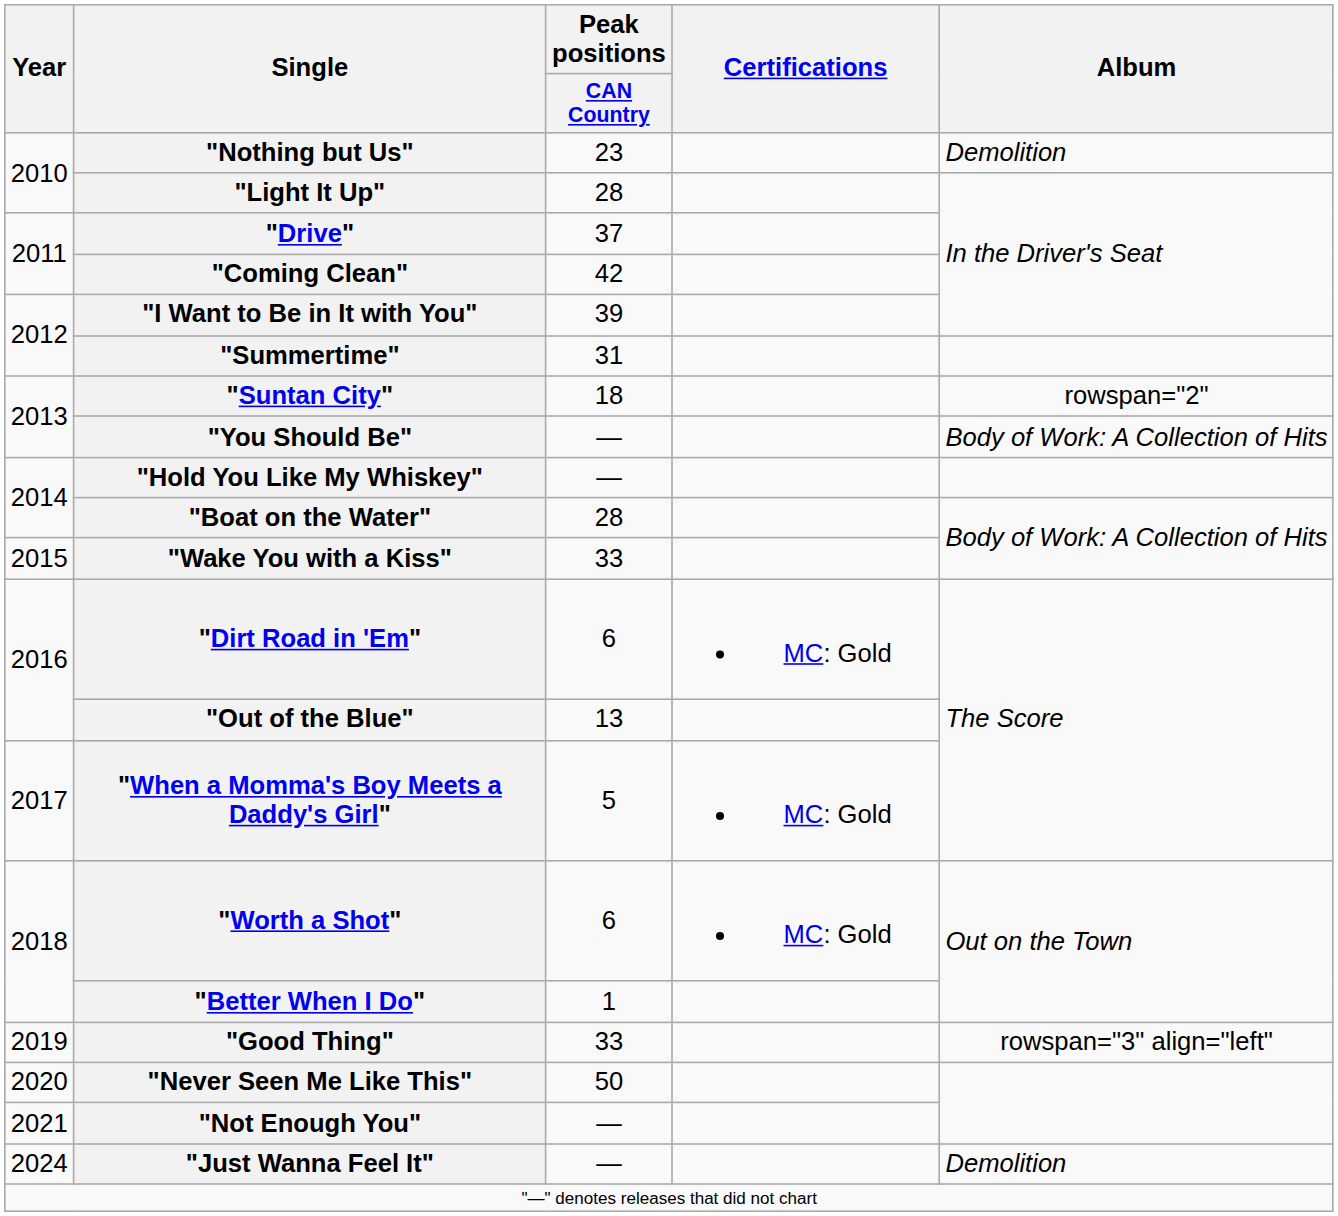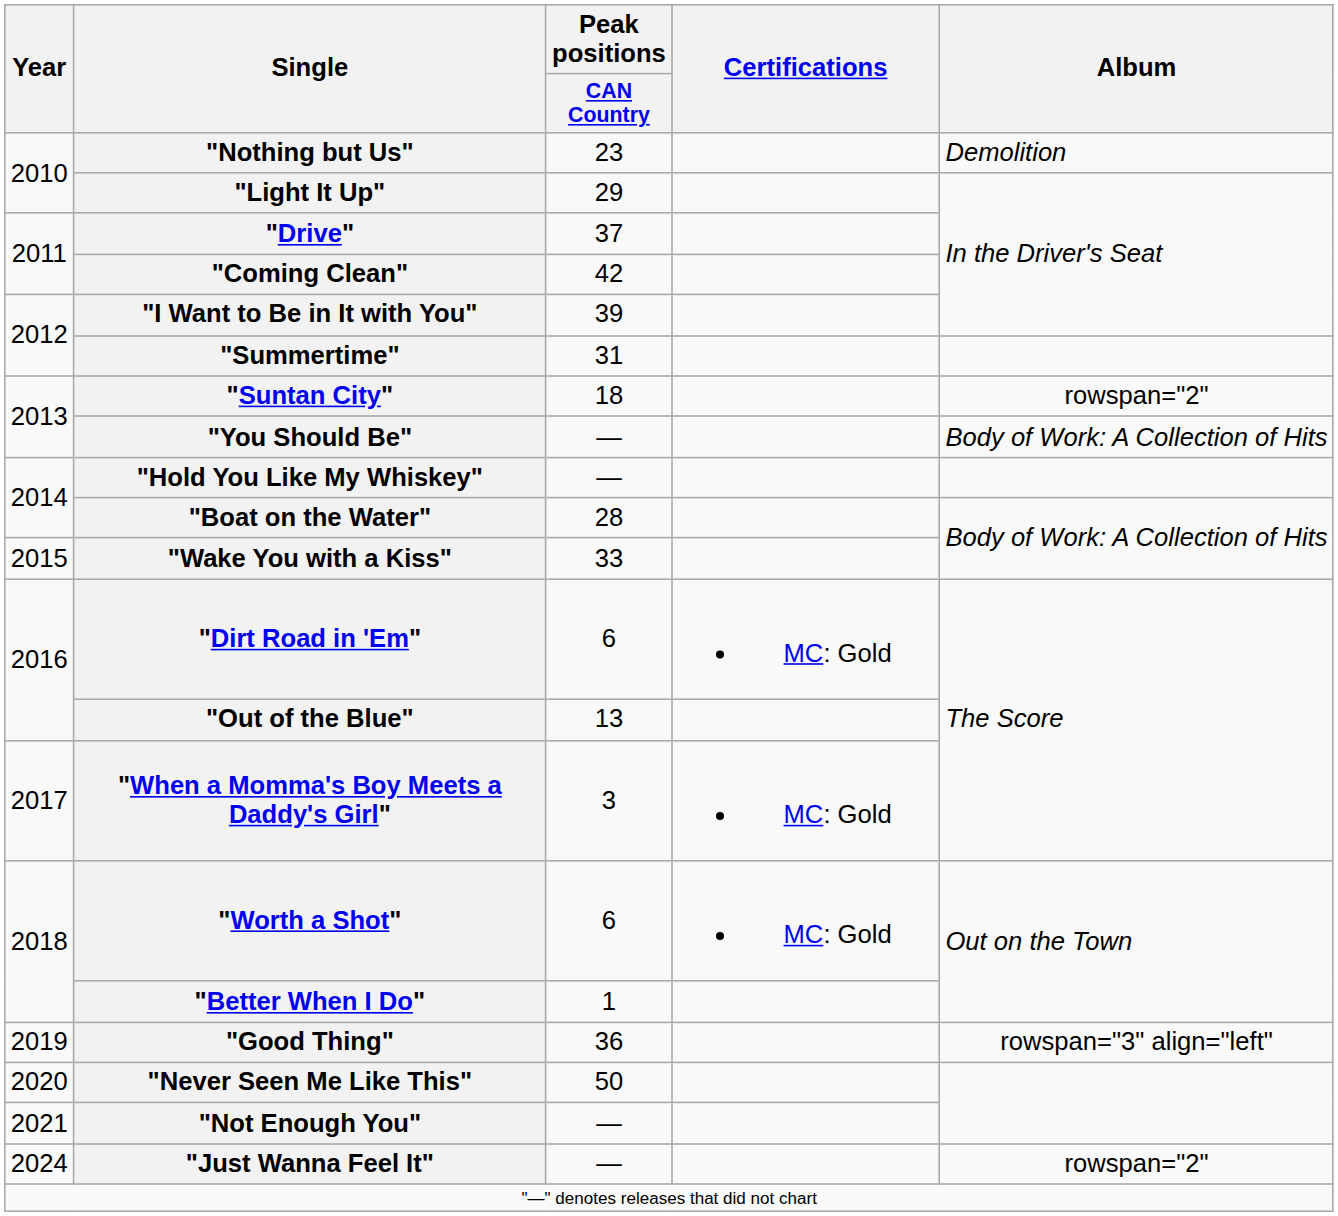 <table class="wikitable plainrowheaders" style="text-align:center;">
 <tr>
 <th rowspan="2">Year</th>
 <th rowspan="2" style="width:18em;">Single</th>
 <th>Peak positions</th>
 <th rowspan="2" style="width:10em;"><a href='#'>Certifications</a></th>
 <th rowspan="2">Album</th>
 </tr>
 <tr style="font-size:smaller;">
 <th style="width:3.5em;"><a href='#'>CAN Country</a><br></th>
 </tr>
 <tr>
 <td rowspan="2">2010</td>
 <th scope="row">"Nothing but Us"</th>
 <td>23</td>
 <td></td>
 <td align="left"><em>Demolition</em></td>
 </tr>
 <tr>
 <th scope="row">"Light It Up"</th>
-<td>28</td>
+<td>29</td>
 <td></td>
 <td align="left" rowspan="4"><em>In the Driver's Seat</em></td>
 </tr>
 <tr>
 <td rowspan="2">2011</td>
 <th scope="row">"<a href='#'>Drive</a>"</th>
 <td>37</td>
 <td></td>
 </tr>
 <tr>
 <th scope="row">"Coming Clean"</th>
 <td>42</td>
 <td></td>
 </tr>
 <tr>
 <td rowspan="2">2012</td>
 <th scope="row">"I Want to Be in It with You"</th>
 <td>39</td>
 <td></td>
 </tr>
 <tr>
 <th scope="row">"Summertime"</th>
 <td>31</td>
 <td></td>
 <td></td>
 </tr>
 <tr>
 <td rowspan="2">2013</td>
 <th scope="row">"<a href='#'>Suntan City</a>"</th>
 <td>18</td>
 <td></td>
 <td>rowspan="2" </td>
 </tr>
 <tr>
 <th scope="row">"You Should Be"</th>
 <td>—</td>
 <td></td>
 <td align="left"><em>Body of Work: A Collection of Hits</em></td>
 </tr>
 <tr>
 <td rowspan="2">2014</td>
 <th scope="row">"Hold You Like My Whiskey"</th>
 <td>—</td>
 <td></td>
 </tr>
 <tr>
 <th scope="row">"Boat on the Water"</th>
 <td>28</td>
 <td></td>
 <td align="left" rowspan="2"><em>Body of Work: A Collection of Hits</em></td>
 </tr>
 <tr>
 <td>2015</td>
 <th scope="row">"Wake You with a Kiss"</th>
 <td>33</td>
 <td></td>
 </tr>
 <tr>
 <td rowspan="2">2016</td>
 <th scope="row">"<a href='#'>Dirt Road in 'Em</a>"</th>
 <td>6</td>
 <td><br><ul><li><a href='#'>MC</a>: Gold</li></ul></td>
 <td align="left" rowspan="3"><em>The Score</em></td>
 </tr>
 <tr>
 <th scope="row">"Out of the Blue"</th>
 <td>13</td>
 <td></td>
 </tr>
 <tr>
 <td>2017</td>
 <th scope="row">"<a href='#'>When a Momma's Boy Meets a Daddy's Girl</a>"</th>
-<td>5</td>
+<td>3</td>
 <td><br><ul><li><a href='#'>MC</a>: Gold</li></ul></td>
 </tr>
 <tr>
 <td rowspan="2">2018</td>
 <th scope="row">"<a href='#'>Worth a Shot</a>"</th>
 <td>6</td>
 <td><br><ul><li><a href='#'>MC</a>: Gold</li></ul></td>
 <td align="left" rowspan="2"><em>Out on the Town</em></td>
 </tr>
 <tr>
 <th scope="row">"<a href='#'>Better When I Do</a>"</th>
 <td>1</td>
 <td></td>
 </tr>
 <tr>
 <td>2019</td>
 <th scope="row">"Good Thing"</th>
-<td>33</td>
+<td>36</td>
 <td></td>
 <td>rowspan="3" align="left" <em></em></td>
 </tr>
 <tr>
 <td>2020</td>
 <th scope="row">"Never Seen Me Like This"</th>
 <td>50</td>
 <td></td>
 </tr>
 <tr>
 <td>2021</td>
 <th scope="row">"Not Enough You"</th>
 <td>—</td>
 <td></td>
 </tr>
 <tr>
 <td>2024</td>
 <th scope="row">"Just Wanna Feel It"</th>
 <td>—</td>
 <td></td>
-<td align="left"><em>Demolition</em></td>
+<td>rowspan="2" </td>
 </tr>
 <tr>
 <td colspan="5" style="font-size:8pt">"—" denotes releases that did not chart</td>
 </tr>
 </table>
